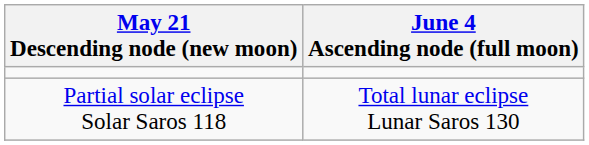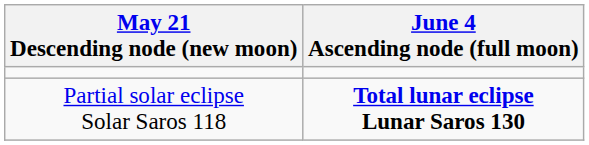 <table class="wikitable">
 <tr>
 <th><a href='#'>May 21</a><br>Descending node (new moon)<br></th>
 <th><a href='#'>June 4</a><br>Ascending node (full moon)<br></th>
 </tr>
 <tr>
 <td></td>
 <td></td>
 </tr>
 <tr align=center>
 <td><a href='#'>Partial solar eclipse</a><br>Solar Saros 118</td>
-<td><a href='#'>Total lunar eclipse</a><br>Lunar Saros 130</td>
+<td><strong><a href='#'>Total lunar eclipse</a><br>Lunar Saros 130</strong></td>
 </tr>
 </table>
